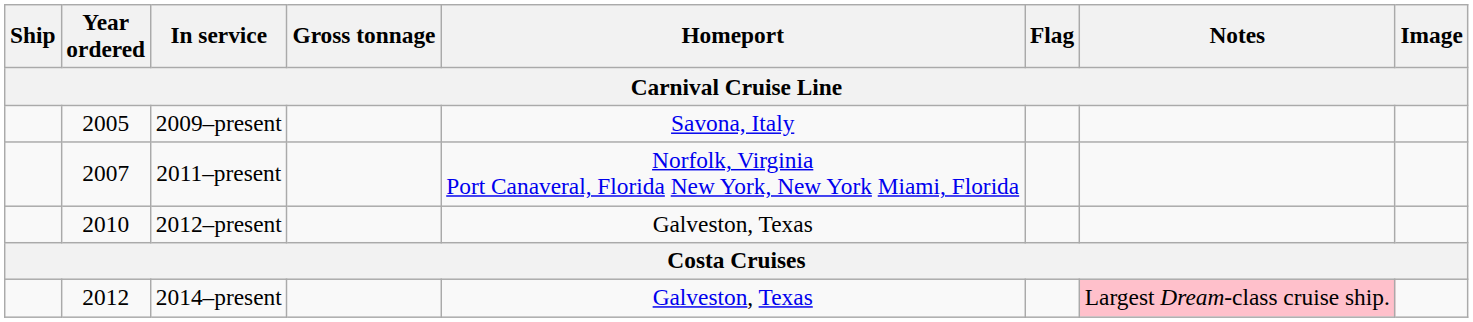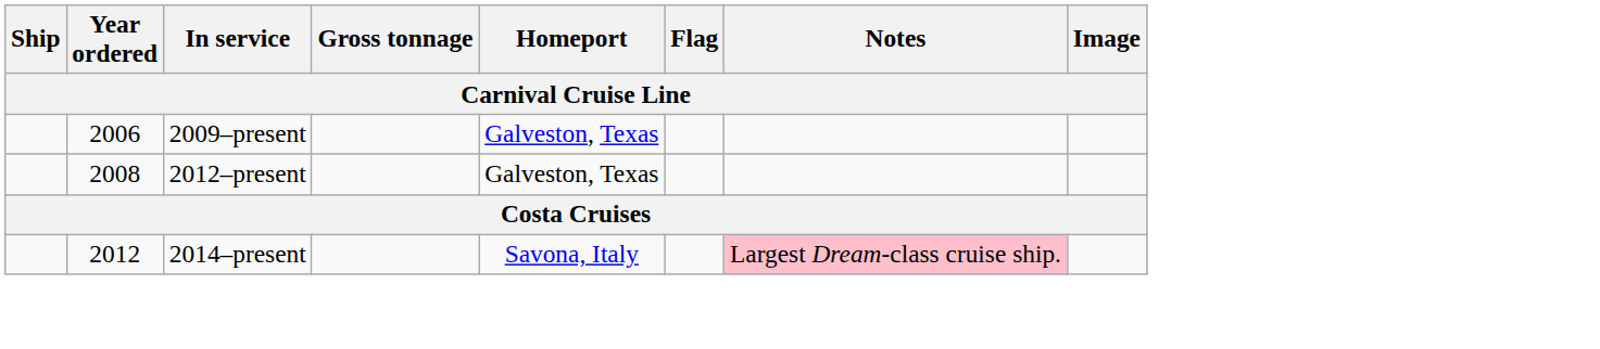 <table class="wikitable sortable">
 <tr>
 <th>Ship</th>
 <th>Year<br>ordered</th>
 <th>In service</th>
 <th>Gross tonnage</th>
 <th>Homeport</th>
 <th>Flag</th>
 <th>Notes</th>
 <th>Image</th>
 </tr>
 <tr>
 <th colspan="8">Carnival Cruise Line</th>
 </tr>
 <tr>
 <td></td>
-<td style="text-align:Center;">2005</td>
+<td style="text-align:Center;">2006</td>
 <td style="text-align:Center;">2009–present</td>
 <td style="text-align:Center;"></td>
-<td style="text-align:Center;"><a href='#'>Savona, Italy</a></td>
+<td style="text-align:Center;"><a href='#'>Galveston</a>, <a href='#'>Texas</a></td>
 <td style="text-align:Center;"></td>
 <td align="Left"></td>
 <td></td>
 </tr>
 <tr>
 <td></td>
-<td style="text-align:Center;">2007</td>
-<td style="text-align:Center;">2011–present</td>
-<td style="text-align:Center;"></td>
-<td style="text-align:Center;"><a href='#'>Norfolk, Virginia</a><br><a href='#'>Port Canaveral, Florida</a> <a href='#'>New York, New York</a> <a href='#'>Miami, Florida</a></td>
-<td style="text-align:Center;"></td>
-<td align="Left"></td>
-<td></td>
-</tr>
-<tr>
-<td></td>
-<td style="text-align:Center;">2010</td>
+<td style="text-align:Center;">2008</td>
 <td style="text-align:Center;">2012–present</td>
 <td style="text-align:Center;"></td>
 <td style="text-align:Center;">Galveston, Texas</td>
 <td style="text-align:Center;"></td>
 <td align="Left"></td>
 <td></td>
 </tr>
 <tr>
 <th colspan="8">Costa Cruises</th>
 </tr>
 <tr>
 <td></td>
 <td style="text-align:Center;">2012</td>
 <td style="text-align:Center;">2014–present</td>
 <td style="text-align:Center;"></td>
-<td style="text-align:Center;"><a href='#'>Galveston</a>, <a href='#'>Texas</a></td>
+<td style="text-align:Center;"><a href='#'>Savona, Italy</a></td>
 <td style="text-align:Center;"></td>
 <td style="background: pink; text-align:Center;">Largest <em>Dream</em>-class cruise ship.</td>
 <td></td>
 </tr>
 </table>
